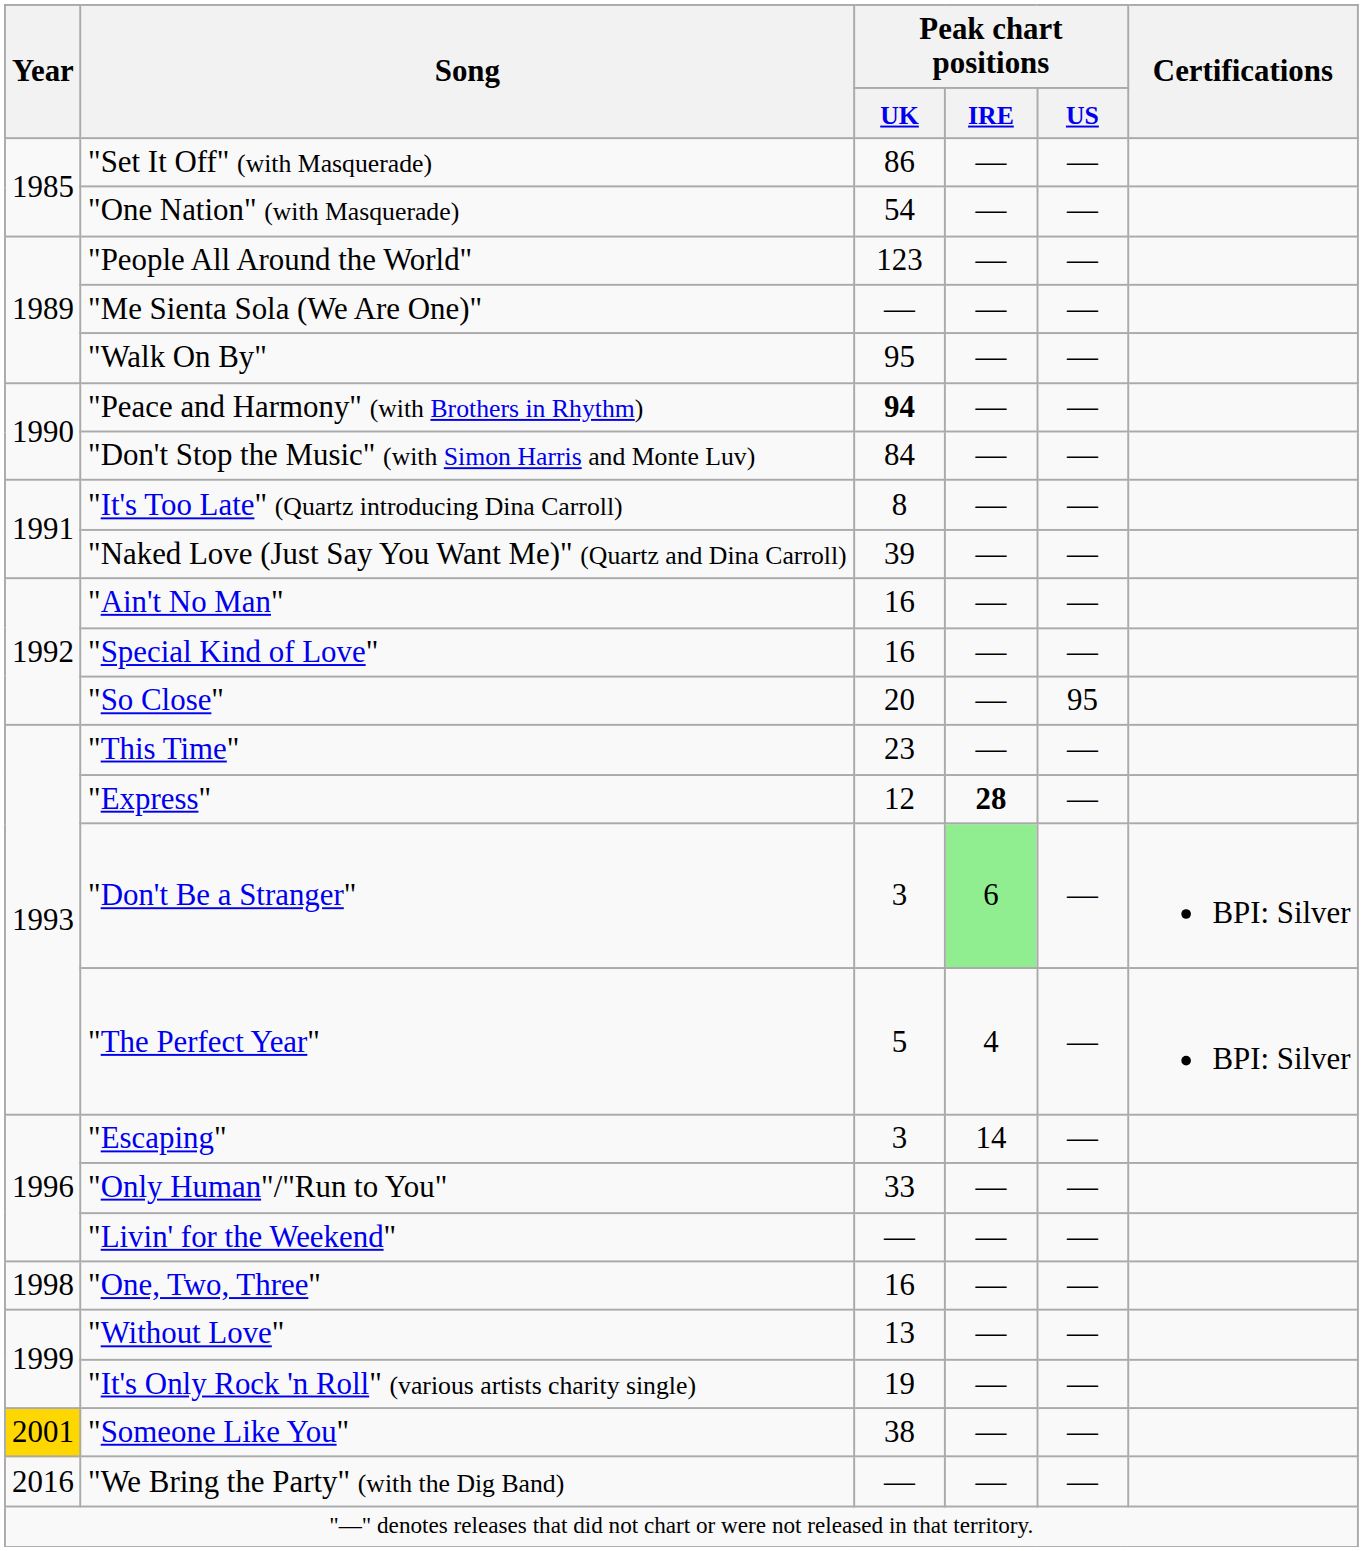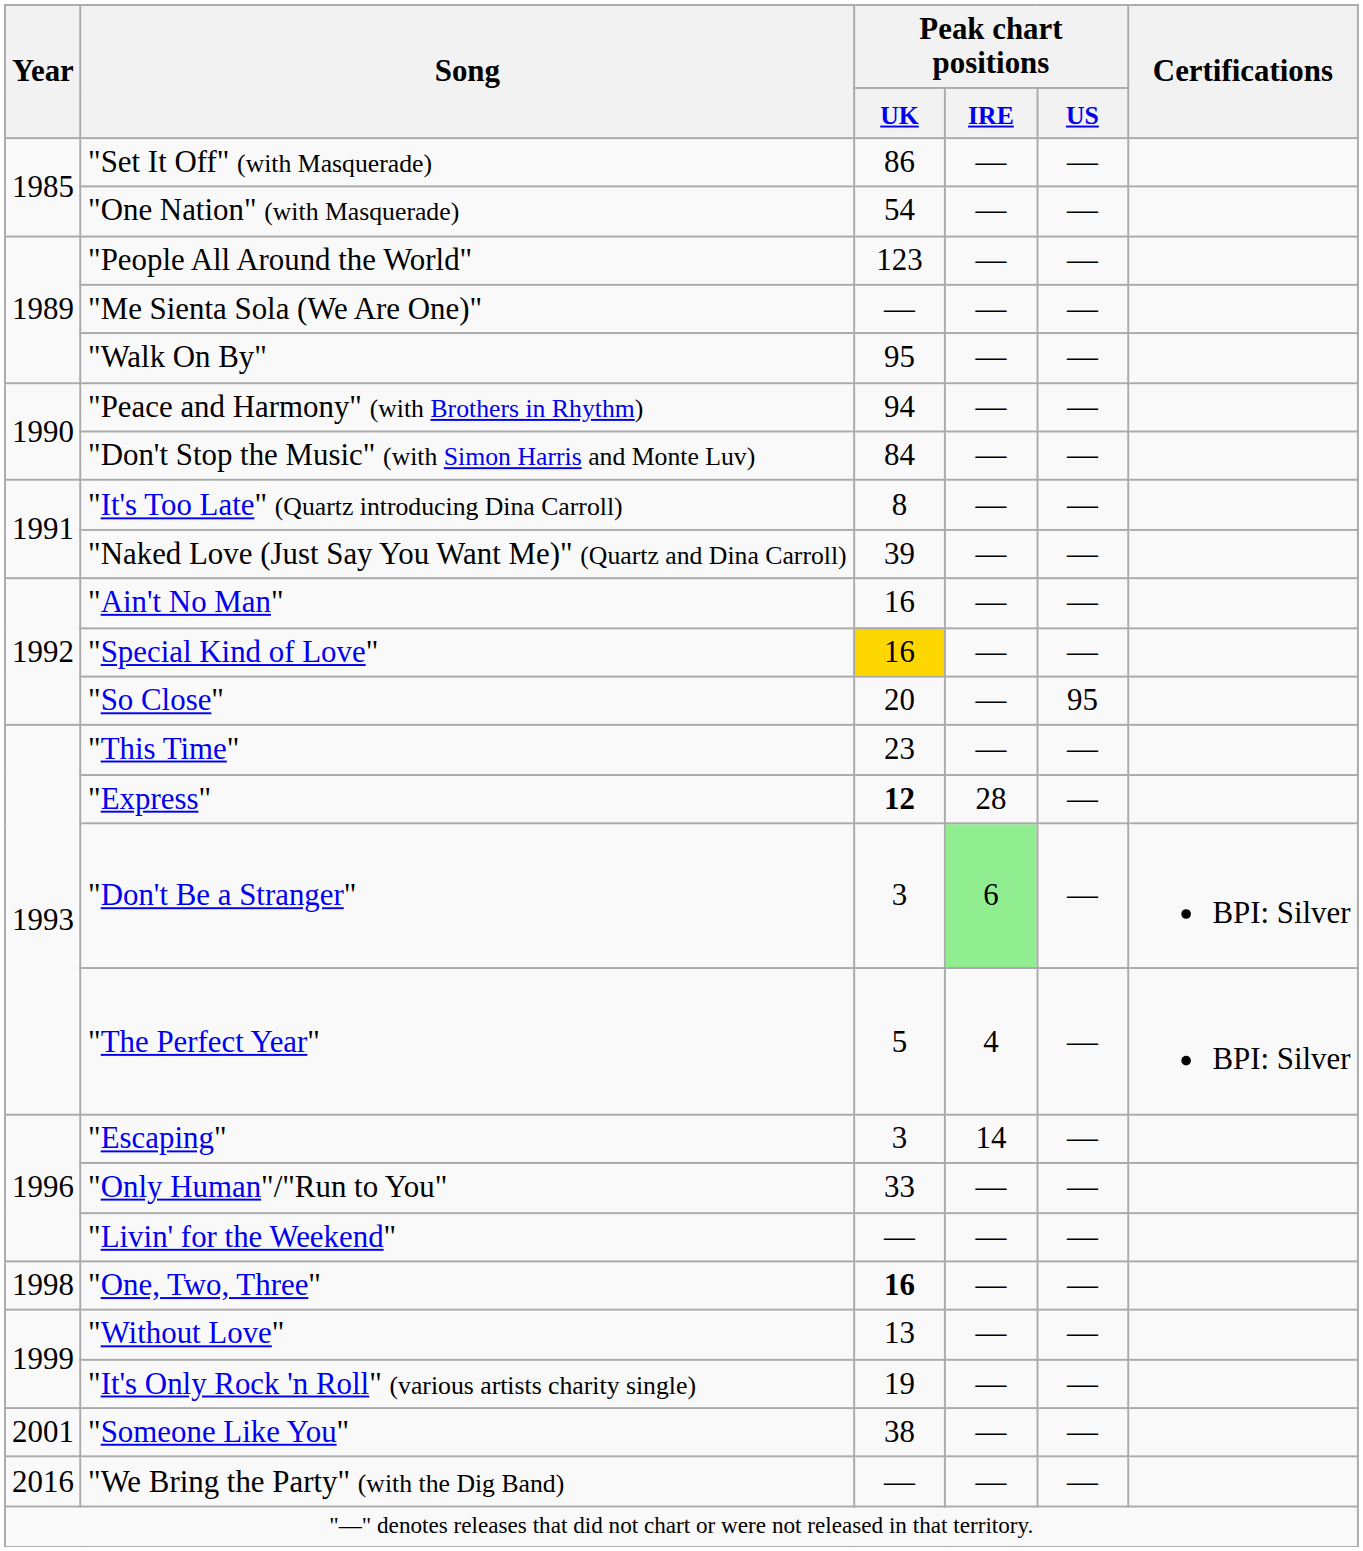 <table class="wikitable">
 <tr>
 <th scope="col" rowspan="2">Year</th>
 <th scope="col" rowspan="2">Song</th>
 <th scope="col" colspan="3">Peak chart positions</th>
 <th scope="col" rowspan="2">Certifications</th>
 </tr>
 <tr>
 <th width="40"><small><a href='#'>UK</a></small><br></th>
 <th width="40"><small><a href='#'>IRE</a></small><br></th>
 <th width="40"><small><a href='#'>US</a></small><br></th>
 </tr>
 <tr>
 <td align="center" rowspan="2">1985</td>
 <td>"Set It Off" <small>(with Masquerade)</small></td>
 <td align="center">86</td>
 <td align="center">—</td>
 <td align="center">—</td>
 <td></td>
 </tr>
 <tr>
 <td>"One Nation" <small>(with Masquerade)</small></td>
 <td align="center">54</td>
 <td align="center">—</td>
 <td align="center">—</td>
 <td></td>
 </tr>
 <tr>
 <td align="center" rowspan="3">1989</td>
 <td>"People All Around the World"</td>
 <td align="center">123</td>
 <td align="center">—</td>
 <td align="center">—</td>
 <td></td>
 </tr>
 <tr>
 <td>"Me Sienta Sola (We Are One)"</td>
 <td align="center">—</td>
 <td align="center">—</td>
 <td align="center">—</td>
 <td></td>
 </tr>
 <tr>
 <td>"Walk On By"</td>
 <td align="center">95</td>
 <td align="center">—</td>
 <td align="center">—</td>
 <td></td>
 </tr>
 <tr>
 <td align="center" rowspan="2">1990</td>
 <td>"Peace and Harmony" <small>(with <a href='#'>Brothers in Rhythm</a>)</small></td>
-<td align="center"><strong>94</strong></td>
+<td align="center">94</td>
 <td align="center">—</td>
 <td align="center">—</td>
 <td></td>
 </tr>
 <tr>
 <td>"Don't Stop the Music" <small>(with <a href='#'>Simon Harris</a> and Monte Luv)</small></td>
 <td align="center">84</td>
 <td align="center">—</td>
 <td align="center">—</td>
 <td></td>
 </tr>
 <tr>
 <td align="center" rowspan="2">1991</td>
 <td>"<a href='#'>It's Too Late</a>" <small>(Quartz introducing Dina Carroll)</small></td>
 <td align="center">8</td>
 <td align="center">—</td>
 <td align="center">—</td>
 <td></td>
 </tr>
 <tr>
 <td>"Naked Love (Just Say You Want Me)" <small>(Quartz and Dina Carroll)</small></td>
 <td align="center">39</td>
 <td align="center">—</td>
 <td align="center">—</td>
 <td></td>
 </tr>
 <tr>
 <td align="center" rowspan="3">1992</td>
 <td>"<a href='#'>Ain't No Man</a>"</td>
 <td align="center">16</td>
 <td align="center">—</td>
 <td align="center">—</td>
 <td></td>
 </tr>
 <tr>
 <td>"<a href='#'>Special Kind of Love</a>"</td>
-<td align="center">16</td>
+<td align="center" style="background: gold;">16</td>
 <td align="center">—</td>
 <td align="center">—</td>
 <td></td>
 </tr>
 <tr>
 <td>"<a href='#'>So Close</a>"</td>
 <td align="center">20</td>
 <td align="center">—</td>
 <td align="center">95</td>
 <td></td>
 </tr>
 <tr>
 <td align="center" rowspan="4">1993</td>
 <td>"<a href='#'>This Time</a>"</td>
 <td align="center">23</td>
 <td align="center">—</td>
 <td align="center">—</td>
 <td></td>
 </tr>
 <tr>
 <td>"<a href='#'>Express</a>"</td>
-<td align="center">12</td>
-<td align="center"><strong>28</strong></td>
+<td align="center"><strong>12</strong></td>
+<td align="center">28</td>
 <td align="center">—</td>
 <td></td>
 </tr>
 <tr>
 <td>"<a href='#'>Don't Be a Stranger</a>"</td>
 <td align="center">3</td>
 <td align="center" style="background: lightgreen;">6</td>
 <td align="center">—</td>
 <td><br><ul><li>BPI: Silver</li></ul></td>
 </tr>
 <tr>
 <td>"<a href='#'>The Perfect Year</a>"</td>
 <td align="center">5</td>
 <td align="center">4</td>
 <td align="center">—</td>
 <td><br><ul><li>BPI: Silver</li></ul></td>
 </tr>
 <tr>
 <td align="center" rowspan="3">1996</td>
 <td>"<a href='#'>Escaping</a>"</td>
 <td align="center">3</td>
 <td align="center">14</td>
 <td align="center">—</td>
 <td></td>
 </tr>
 <tr>
 <td>"<a href='#'>Only Human</a>"/"Run to You"</td>
 <td align="center">33</td>
 <td align="center">—</td>
 <td align="center">—</td>
 <td></td>
 </tr>
 <tr>
 <td>"<a href='#'>Livin' for the Weekend</a>"</td>
 <td align="center">—</td>
 <td align="center">—</td>
 <td align="center">—</td>
 <td></td>
 </tr>
 <tr>
 <td align="center" rowspan="1">1998</td>
 <td>"<a href='#'>One, Two, Three</a>"</td>
-<td align="center">16</td>
+<td align="center"><strong>16</strong></td>
 <td align="center">—</td>
 <td align="center">—</td>
 <td></td>
 </tr>
 <tr>
 <td align="center" rowspan="2">1999</td>
 <td>"<a href='#'>Without Love</a>"</td>
 <td align="center">13</td>
 <td align="center">—</td>
 <td align="center">—</td>
 <td></td>
 </tr>
 <tr>
 <td>"<a href='#'>It's Only Rock 'n Roll</a>" <small>(various artists charity single)</small></td>
 <td align="center">19</td>
 <td align="center">—</td>
 <td align="center">—</td>
 <td></td>
 </tr>
 <tr>
-<td align="center" rowspan="1" style="background: gold;">2001</td>
+<td align="center" rowspan="1">2001</td>
 <td>"<a href='#'>Someone Like You</a>"</td>
 <td align="center">38</td>
 <td align="center">—</td>
 <td align="center">—</td>
 <td></td>
 </tr>
 <tr>
 <td align="center" rowspan="1">2016</td>
 <td>"We Bring the Party" <small>(with the Dig Band)</small></td>
 <td align="center">—</td>
 <td align="center">—</td>
 <td align="center">—</td>
 <td></td>
 </tr>
 <tr>
 <td colspan="6" style="text-align:center; font-size:9pt;">"—" denotes releases that did not chart or were not released in that territory.</td>
 </tr>
 </table>
